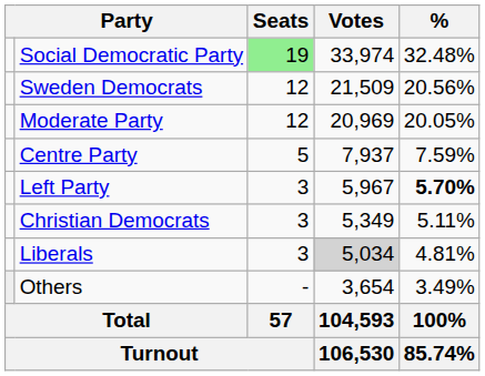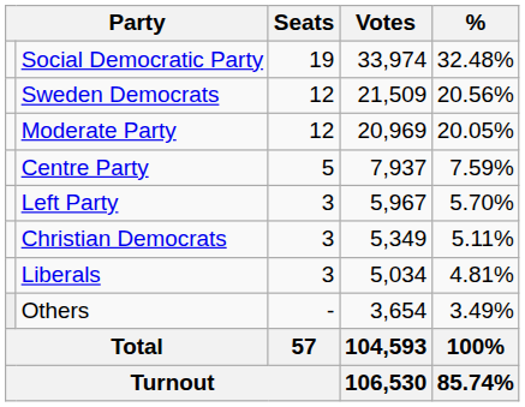 <table class="wikitable">
 <tr>
 <th colspan=2>Party</th>
 <th>Seats</th>
 <th>Votes</th>
 <th>%</th>
 </tr>
 <tr>
 <td bgcolor=></td>
 <td><a href='#'>Social Democratic Party</a></td>
-<td align=right style="background: lightgreen;">19</td>
+<td align=right>19</td>
 <td align=right>33,974</td>
 <td align=right>32.48%</td>
 </tr>
 <tr>
 <td bgcolor=></td>
 <td><a href='#'>Sweden Democrats</a></td>
 <td align=right>12</td>
 <td align=right>21,509</td>
 <td align=right>20.56%</td>
 </tr>
 <tr>
 <td bgcolor=></td>
 <td><a href='#'>Moderate Party</a></td>
 <td align=right>12</td>
 <td align=right>20,969</td>
 <td align=right>20.05%</td>
 </tr>
 <tr>
 <td bgcolor=></td>
 <td><a href='#'>Centre Party</a></td>
 <td align=right>5</td>
 <td align=right>7,937</td>
 <td align=right>7.59%</td>
 </tr>
 <tr>
 <td bgcolor=></td>
 <td><a href='#'>Left Party</a></td>
 <td align=right>3</td>
 <td align=right>5,967</td>
-<td align=right><strong>5.70%</strong></td>
+<td align=right>5.70%</td>
 </tr>
 <tr>
 <td bgcolor=></td>
 <td><a href='#'>Christian Democrats</a></td>
 <td align=right>3</td>
 <td align=right>5,349</td>
 <td align=right>5.11%</td>
 </tr>
 <tr>
 <td bgcolor=></td>
 <td><a href='#'>Liberals</a></td>
 <td align=right>3</td>
-<td align=right style="background: lightgrey;">5,034</td>
+<td align=right>5,034</td>
 <td align=right>4.81%</td>
 </tr>
 <tr>
 <td bgcolor=#eeeeee></td>
 <td>Others</td>
 <td align=right>-</td>
 <td align=right>3,654</td>
 <td align=right>3.49%</td>
 </tr>
 <tr>
 <th colspan=2>Total</th>
 <th align=right>57</th>
 <th align=right>104,593</th>
 <th align=right>100%</th>
 </tr>
 <tr>
 <th colspan=3>Turnout</th>
 <th align=right>106,530</th>
 <th align=right>85.74%</th>
 </tr>
 </table>
